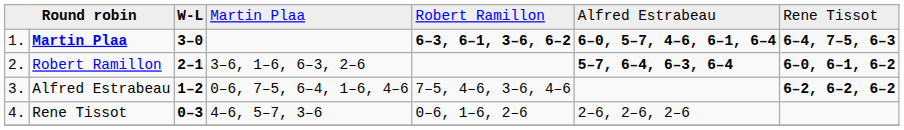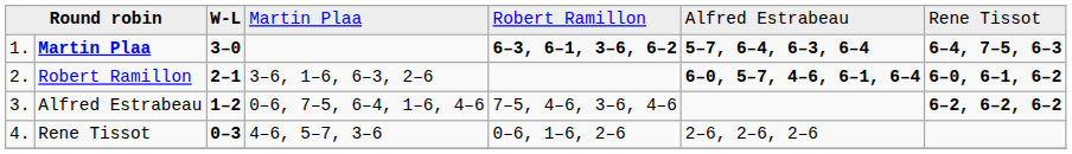 <table class="wikitable" style="font-size:90%;">
 <tr bgcolor="#eeeeee">
 <td colspan="2" align="center"><strong>Round robin</strong></td>
 <td><strong>W-L</strong></td>
 <td> <a href='#'>Martin Plaa</a></td>
 <td> <a href='#'>Robert Ramillon</a></td>
 <td> Alfred Estrabeau</td>
 <td> Rene Tissot</td>
 </tr>
 <tr>
 <td>1.</td>
 <td><strong> <a href='#'>Martin Plaa</a></strong></td>
 <td><strong>3–0</strong></td>
 <td></td>
 <td><strong>6–3, 6–1, 3–6, 6–2</strong></td>
-<td><strong>6–0, 5–7, 4–6, 6–1, 6–4</strong></td>
+<td><strong>5–7, 6–4, 6–3, 6–4</strong></td>
 <td><strong>6–4, 7–5, 6–3</strong></td>
 </tr>
 <tr>
 <td>2.</td>
 <td> <a href='#'>Robert Ramillon</a></td>
 <td><strong>2–1</strong></td>
 <td>3–6, 1–6, 6–3, 2–6</td>
 <td></td>
-<td><strong>5–7, 6–4, 6–3, 6–4</strong></td>
+<td><strong>6–0, 5–7, 4–6, 6–1, 6–4</strong></td>
 <td><strong>6–0, 6–1, 6–2</strong></td>
 </tr>
 <tr>
 <td>3.</td>
 <td> Alfred Estrabeau</td>
 <td><strong>1–2</strong></td>
 <td>0–6, 7–5, 6–4, 1–6, 4–6</td>
 <td>7–5, 4–6, 3–6, 4–6</td>
 <td></td>
 <td><strong>6–2, 6–2, 6–2</strong></td>
 </tr>
 <tr>
 <td>4.</td>
 <td> Rene Tissot</td>
 <td><strong>0–3</strong></td>
 <td>4–6, 5–7, 3–6</td>
 <td>0–6, 1–6, 2–6</td>
 <td>2–6, 2–6, 2–6</td>
 <td></td>
 </tr>
 <tr>
 </tr>
 </table>
